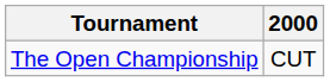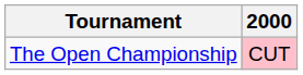 <table class="wikitable" style="font-size:95%;text-align:center;">
 <tr>
 <th>Tournament</th>
 <th>2000</th>
 </tr>
 <tr>
 <td align=left><a href='#'>The Open Championship</a></td>
-<td>CUT</td>
+<td style="background: pink;">CUT</td>
 </tr>
 </table>
